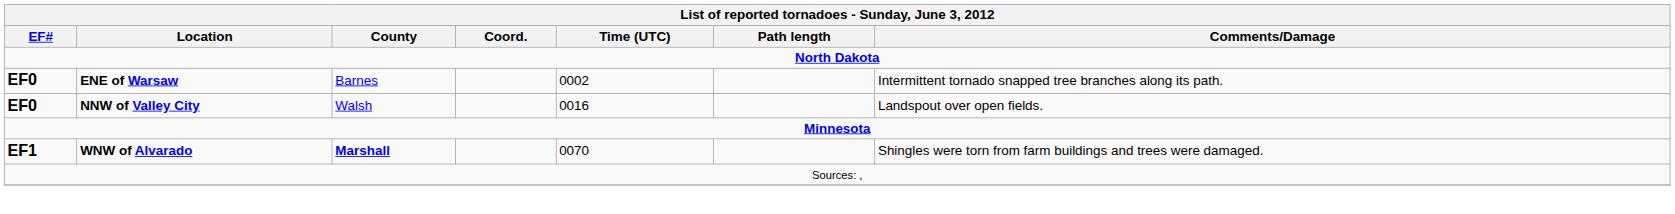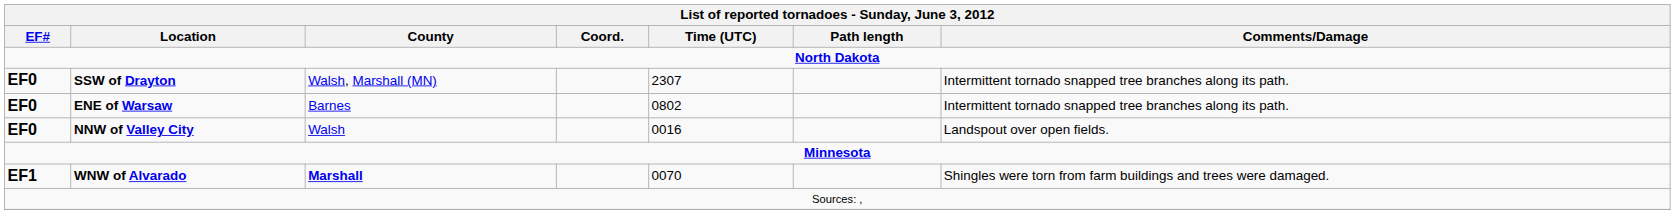 <table class="wikitable collapsible" width="100%">
 <tr>
 <th colspan="7">List of reported tornadoes - Sunday, June 3, 2012</th>
 </tr>
 <tr>
 <th><a href='#'>EF#</a></th>
 <th>Location</th>
 <th>County</th>
 <th>Coord.</th>
 <th>Time (UTC)</th>
 <th>Path length</th>
 <th>Comments/Damage</th>
 </tr>
 <tr>
 <td colspan="7" align=center><strong><a href='#'>North Dakota</a></strong></td>
 </tr>
 <tr>
 <td><big><strong>EF0</strong></big></td>
+<td><strong>SSW of <a href='#'>Drayton</a></strong></td>
+<td><a href='#'>Walsh</a>, <a href='#'>Marshall (MN)</a></td>
+<td></td>
+<td>2307</td>
+<td></td>
+<td>Intermittent tornado snapped tree branches along its path.</td>
+</tr>
+<tr>
+<td><big><strong>EF0</strong></big></td>
 <td><strong>ENE of <a href='#'>Warsaw</a></strong></td>
 <td><a href='#'>Barnes</a></td>
 <td></td>
-<td>0002</td>
+<td>0802</td>
 <td></td>
 <td>Intermittent tornado snapped tree branches along its path.</td>
 </tr>
 <tr>
 <td><big><strong>EF0</strong></big></td>
 <td><strong>NNW of <a href='#'>Valley City</a></strong></td>
 <td><a href='#'>Walsh</a></td>
 <td></td>
 <td>0016</td>
 <td></td>
 <td>Landspout over open fields.</td>
 </tr>
 <tr>
 <td colspan="7" align=center><strong><a href='#'>Minnesota</a></strong></td>
 </tr>
 <tr>
 <td><big><strong>EF1</strong></big></td>
 <td><strong>WNW of <a href='#'>Alvarado</a></strong></td>
 <td><strong><a href='#'>Marshall</a></strong></td>
 <td></td>
 <td>0070</td>
 <td></td>
 <td>Shingles were torn from farm buildings and trees were damaged.</td>
 </tr>
 <tr>
 <td colspan="7" align=center><small>Sources: , </small></td>
 </tr>
 <tr>
 </tr>
 </table>
